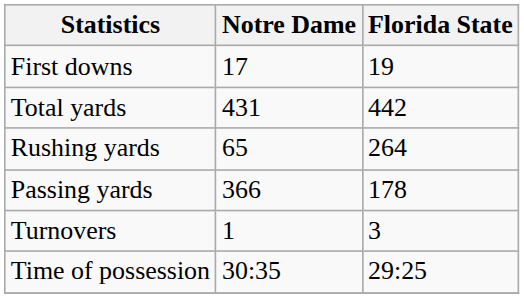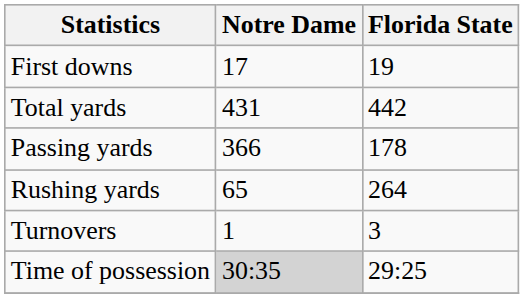 <table class="wikitable">
 <tr>
 <th>Statistics</th>
 <th>Notre Dame</th>
 <th>Florida State</th>
 </tr>
 <tr>
 <td>First downs</td>
 <td>17</td>
 <td>19</td>
 </tr>
 <tr>
 <td>Total yards</td>
 <td>431</td>
 <td>442</td>
 </tr>
 <tr>
+<td>Passing yards</td>
+<td>366</td>
+<td>178</td>
+</tr>
+<tr>
 <td>Rushing yards</td>
 <td>65</td>
 <td>264</td>
-</tr>
-<tr>
-<td>Passing yards</td>
-<td>366</td>
-<td>178</td>
 </tr>
 <tr>
 <td>Turnovers</td>
 <td>1</td>
 <td>3</td>
 </tr>
 <tr>
 <td>Time of possession</td>
-<td>30:35</td>
+<td style="background: lightgrey;">30:35</td>
 <td>29:25</td>
 </tr>
 <tr>
 </tr>
 </table>
